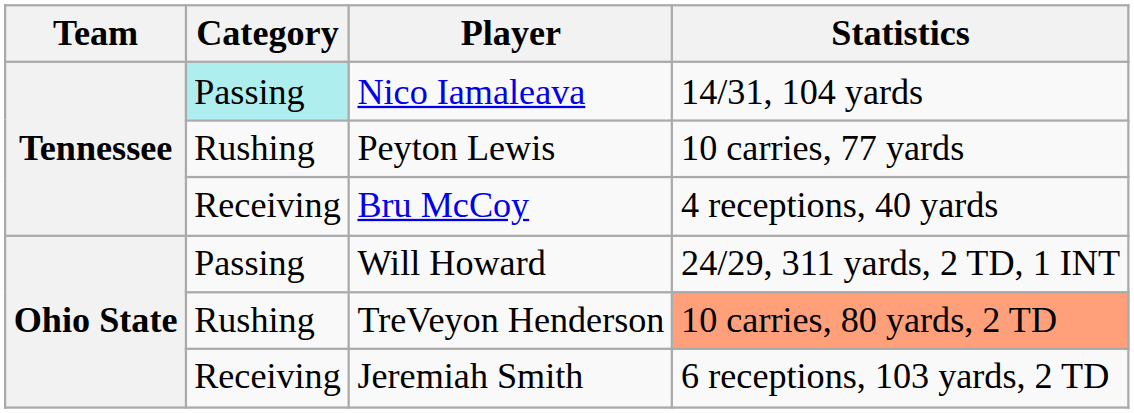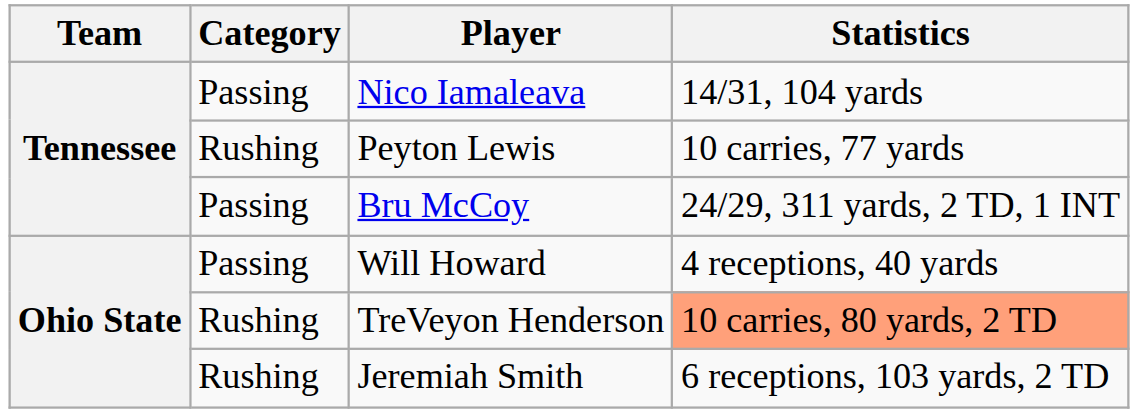 <table class="wikitable" style="float:right">
 <tr>
 <th>Team</th>
 <th>Category</th>
 <th>Player</th>
 <th>Statistics</th>
 </tr>
 <tr>
 <th rowspan=3>Tennessee</th>
-<td style="background: paleturquoise;">Passing</td>
+<td>Passing</td>
 <td><a href='#'>Nico Iamaleava</a></td>
 <td>14/31, 104 yards</td>
 </tr>
 <tr>
 <td>Rushing</td>
 <td>Peyton Lewis</td>
 <td>10 carries, 77 yards</td>
 </tr>
 <tr>
-<td>Receiving</td>
+<td>Passing</td>
 <td><a href='#'>Bru McCoy</a></td>
-<td>4 receptions, 40 yards</td>
+<td>24/29, 311 yards, 2 TD, 1 INT</td>
 </tr>
 <tr>
 <th rowspan=3>Ohio State</th>
 <td>Passing</td>
 <td>Will Howard</td>
-<td>24/29, 311 yards, 2 TD, 1 INT</td>
+<td>4 receptions, 40 yards</td>
 </tr>
 <tr>
 <td>Rushing</td>
 <td>TreVeyon Henderson</td>
 <td style="background: lightsalmon;">10 carries, 80 yards, 2 TD</td>
 </tr>
 <tr>
-<td>Receiving</td>
+<td>Rushing</td>
 <td>Jeremiah Smith</td>
 <td>6 receptions, 103 yards, 2 TD</td>
 </tr>
 </table>
